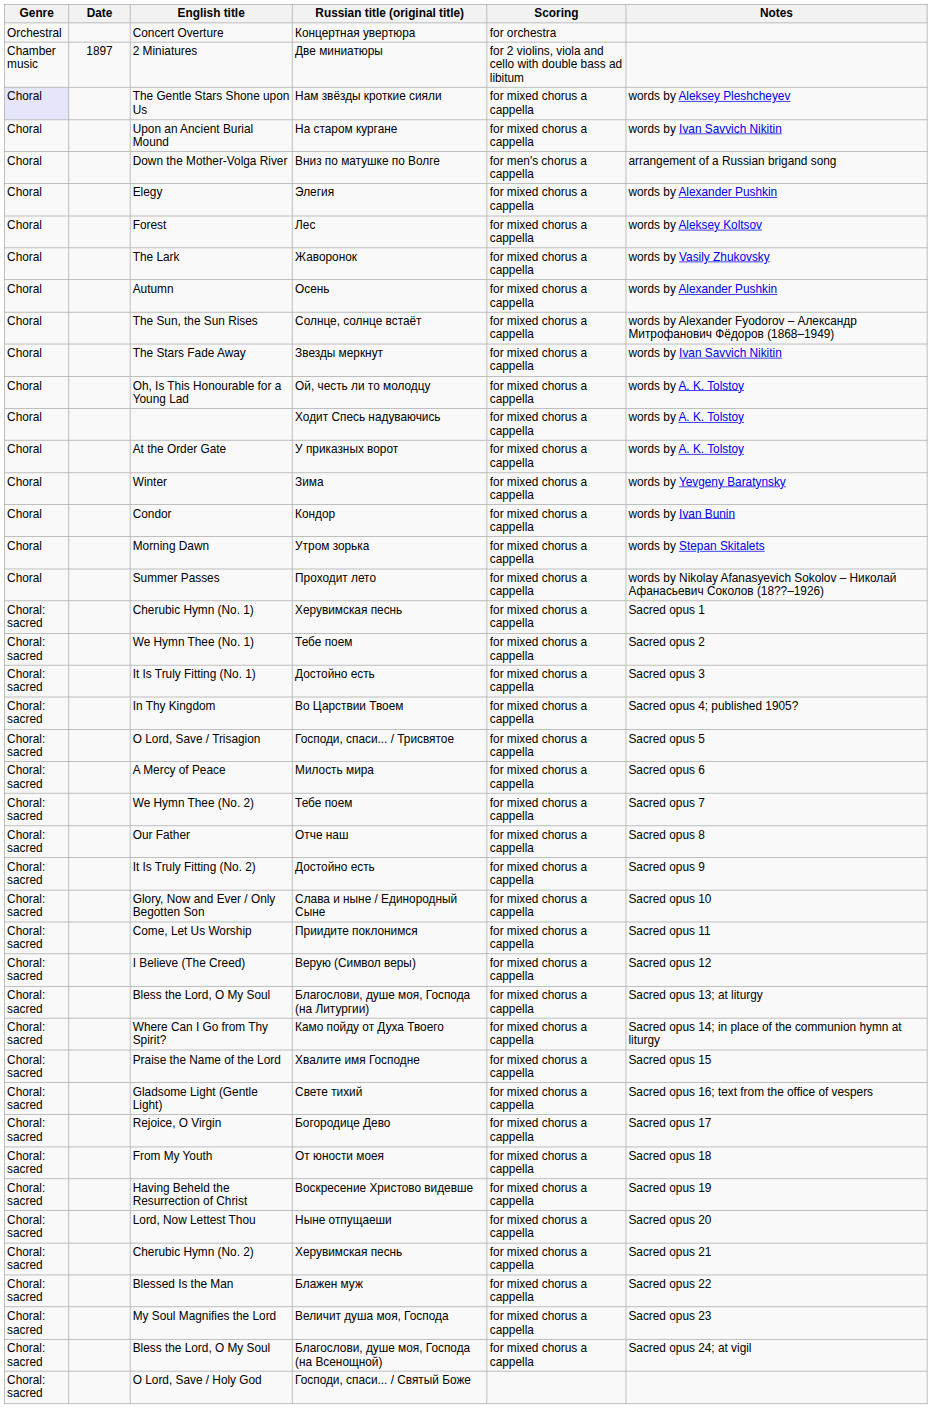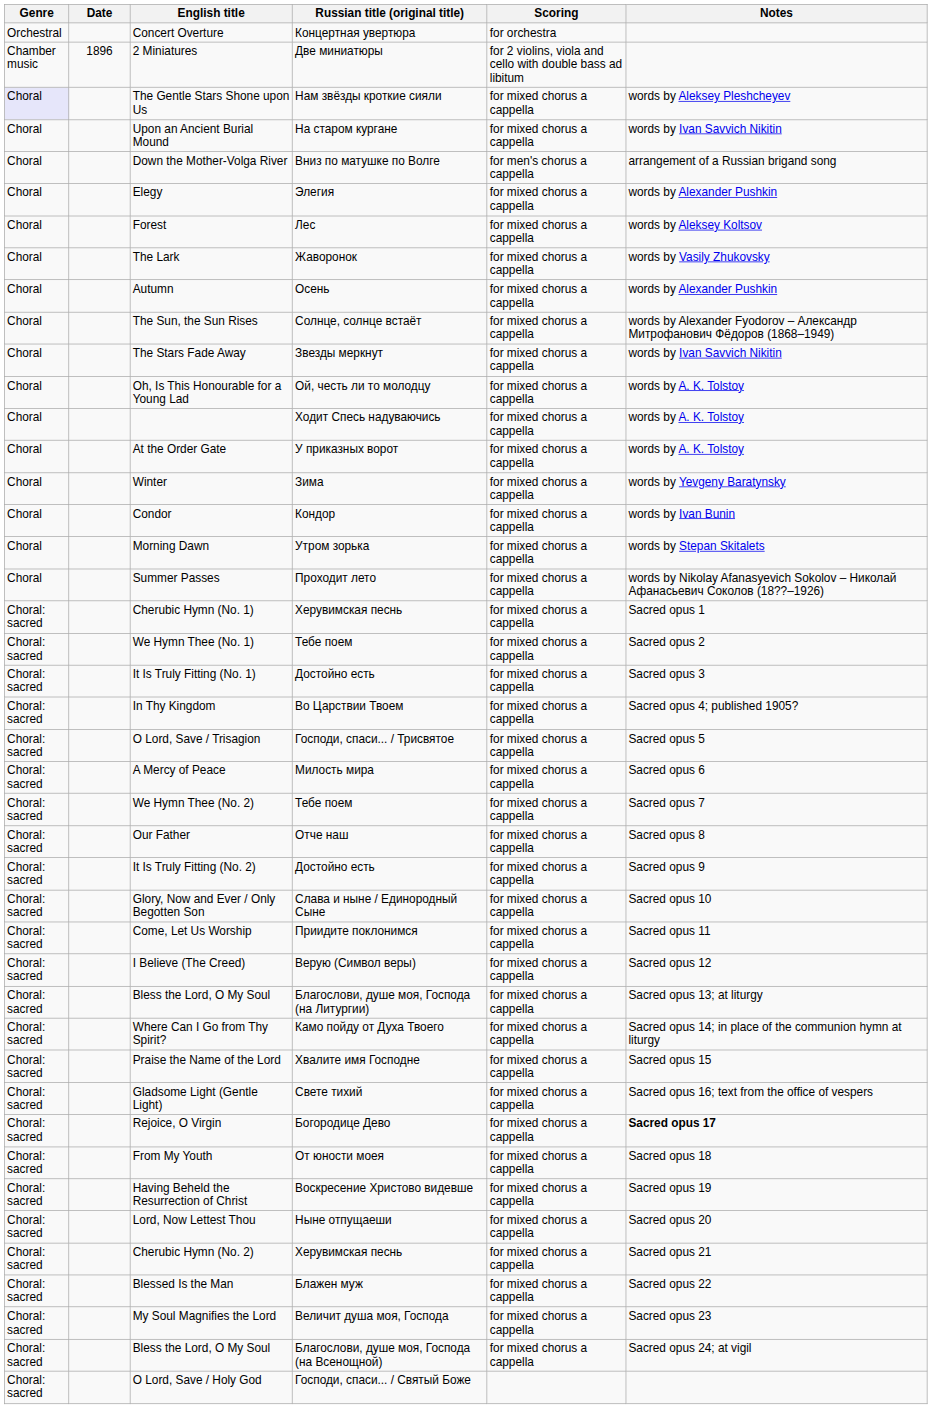 <table class="sortable wikitable" style="margins:auto; width=95%;">
 <tr>
 <th width="80">Genre</th>
 <th width="75">Date</th>
 <th width=>English title</th>
 <th width=>Russian title (original title)</th>
 <th width="180">Scoring</th>
 <th width="400">Notes</th>
 </tr>
 <tr valign="top">
 <td>Orchestral</td>
 <td align=center></td>
 <td>Concert Overture</td>
 <td>Концертная увертюра</td>
 <td>for orchestra</td>
 <td></td>
 </tr>
 <tr valign="top">
 <td>Chamber music</td>
-<td align=center>1897</td>
+<td align=center>1896</td>
 <td>2 Miniatures</td>
 <td>Две миниатюры</td>
 <td>for 2 violins, viola and cello with double bass ad libitum</td>
 <td></td>
 </tr>
 <tr valign="top">
 <td style="background: lavender;">Choral</td>
 <td align=center></td>
 <td>The Gentle Stars Shone upon Us</td>
 <td>Нам звёзды кроткие сияли</td>
 <td>for mixed chorus a cappella</td>
 <td>words by <a href='#'>Aleksey Pleshcheyev</a></td>
 </tr>
 <tr valign="top">
 <td>Choral</td>
 <td align=center></td>
 <td>Upon an Ancient Burial Mound</td>
 <td>На старом кургане</td>
 <td>for mixed chorus a cappella</td>
 <td>words by <a href='#'>Ivan Savvich Nikitin</a></td>
 </tr>
 <tr valign="top">
 <td>Choral</td>
 <td align=center></td>
 <td>Down the Mother-Volga River</td>
 <td>Вниз по матушке по Волге</td>
 <td>for men's chorus a cappella</td>
 <td>arrangement of a Russian brigand song</td>
 </tr>
 <tr valign="top">
 <td>Choral</td>
 <td align=center></td>
 <td>Elegy</td>
 <td>Элегия</td>
 <td>for mixed chorus a cappella</td>
 <td>words by <a href='#'>Alexander Pushkin</a></td>
 </tr>
 <tr valign="top">
 <td>Choral</td>
 <td align=center></td>
 <td>Forest</td>
 <td>Лес</td>
 <td>for mixed chorus a cappella</td>
 <td>words by <a href='#'>Aleksey Koltsov</a></td>
 </tr>
 <tr valign="top">
 <td>Choral</td>
 <td align=center></td>
 <td>The Lark</td>
 <td>Жаворонок</td>
 <td>for mixed chorus a cappella</td>
 <td>words by <a href='#'>Vasily Zhukovsky</a></td>
 </tr>
 <tr valign="top">
 <td>Choral</td>
 <td align=center></td>
 <td>Autumn</td>
 <td>Осень</td>
 <td>for mixed chorus a cappella</td>
 <td>words by <a href='#'>Alexander Pushkin</a></td>
 </tr>
 <tr valign="top">
 <td>Choral</td>
 <td align=center></td>
 <td>The Sun, the Sun Rises</td>
 <td>Солнце, солнце встаёт</td>
 <td>for mixed chorus a cappella</td>
 <td>words by Alexander Fyodorov – Александр Митрофанович Фёдоров (1868–1949)</td>
 </tr>
 <tr valign="top">
 <td>Choral</td>
 <td align=center></td>
 <td>The Stars Fade Away</td>
 <td>Звезды меркнут</td>
 <td>for mixed chorus a cappella</td>
 <td>words by <a href='#'>Ivan Savvich Nikitin</a></td>
 </tr>
 <tr valign="top">
 <td>Choral</td>
 <td align=center></td>
 <td>Oh, Is This Honourable for a Young Lad</td>
 <td>Ой, честь ли то молодцу</td>
 <td>for mixed chorus a cappella</td>
 <td>words by <a href='#'>A. K. Tolstoy</a></td>
 </tr>
 <tr valign="top">
 <td>Choral</td>
 <td align=center></td>
 <td></td>
 <td>Ходит Спесь надуваючись</td>
 <td>for mixed chorus a cappella</td>
 <td>words by <a href='#'>A. K. Tolstoy</a></td>
 </tr>
 <tr valign="top">
 <td>Choral</td>
 <td align=center></td>
 <td>At the Order Gate</td>
 <td>У приказных ворот</td>
 <td>for mixed chorus a cappella</td>
 <td>words by <a href='#'>A. K. Tolstoy</a></td>
 </tr>
 <tr valign="top">
 <td>Choral</td>
 <td align=center></td>
 <td>Winter</td>
 <td>Зима</td>
 <td>for mixed chorus a cappella</td>
 <td>words by <a href='#'>Yevgeny Baratynsky</a></td>
 </tr>
 <tr valign="top">
 <td>Choral</td>
 <td align=center></td>
 <td>Condor</td>
 <td>Кондор</td>
 <td>for mixed chorus a cappella</td>
 <td>words by <a href='#'>Ivan Bunin</a></td>
 </tr>
 <tr valign="top">
 <td>Choral</td>
 <td align=center></td>
 <td>Morning Dawn</td>
 <td>Утром зорька</td>
 <td>for mixed chorus a cappella</td>
 <td>words by <a href='#'>Stepan Skitalets</a></td>
 </tr>
 <tr valign="top">
 <td>Choral</td>
 <td align=center></td>
 <td>Summer Passes</td>
 <td>Проходит лето</td>
 <td>for mixed chorus a cappella</td>
 <td>words by Nikolay Afanasyevich Sokolov – Николай Афанасьевич Соколов (18??–1926)</td>
 </tr>
 <tr valign="top">
 <td>Choral: sacred</td>
 <td align=center></td>
 <td>Cherubic Hymn (No. 1)</td>
 <td>Херувимская песнь</td>
 <td>for mixed chorus a cappella</td>
 <td>Sacred opus 1</td>
 </tr>
 <tr valign="top">
 <td>Choral: sacred</td>
 <td align=center></td>
 <td>We Hymn Thee (No. 1)</td>
 <td>Тебе поем</td>
 <td>for mixed chorus a cappella</td>
 <td>Sacred opus 2</td>
 </tr>
 <tr valign="top">
 <td>Choral: sacred</td>
 <td align=center></td>
 <td>It Is Truly Fitting (No. 1)</td>
 <td>Достойно есть</td>
 <td>for mixed chorus a cappella</td>
 <td>Sacred opus 3</td>
 </tr>
 <tr valign="top">
 <td>Choral: sacred</td>
 <td align=center></td>
 <td>In Thy Kingdom</td>
 <td>Во Царствии Твоем</td>
 <td>for mixed chorus a cappella</td>
 <td>Sacred opus 4; published 1905?</td>
 </tr>
 <tr valign="top">
 <td>Choral: sacred</td>
 <td align=center></td>
 <td>O Lord, Save / Trisagion</td>
 <td>Господи, спаси... / Трисвятое</td>
 <td>for mixed chorus a cappella</td>
 <td>Sacred opus 5</td>
 </tr>
 <tr valign="top">
 <td>Choral: sacred</td>
 <td align=center></td>
 <td>A Mercy of Peace</td>
 <td>Милость мира</td>
 <td>for mixed chorus a cappella</td>
 <td>Sacred opus 6</td>
 </tr>
 <tr valign="top">
 <td>Choral: sacred</td>
 <td align=center></td>
 <td>We Hymn Thee (No. 2)</td>
 <td>Тебе поем</td>
 <td>for mixed chorus a cappella</td>
 <td>Sacred opus 7</td>
 </tr>
 <tr valign="top">
 <td>Choral: sacred</td>
 <td align=center></td>
 <td>Our Father</td>
 <td>Отче наш</td>
 <td>for mixed chorus a cappella</td>
 <td>Sacred opus 8</td>
 </tr>
 <tr valign="top">
 <td>Choral: sacred</td>
 <td align=center></td>
 <td>It Is Truly Fitting (No. 2)</td>
 <td>Достойно есть</td>
 <td>for mixed chorus a cappella</td>
 <td>Sacred opus 9</td>
 </tr>
 <tr valign="top">
 <td>Choral: sacred</td>
 <td align=center></td>
 <td>Glory, Now and Ever / Only Begotten Son</td>
 <td>Слава и ныне / Единородный Сыне</td>
 <td>for mixed chorus a cappella</td>
 <td>Sacred opus 10</td>
 </tr>
 <tr valign="top">
 <td>Choral: sacred</td>
 <td align=center></td>
 <td>Come, Let Us Worship</td>
 <td>Приидите поклонимся</td>
 <td>for mixed chorus a cappella</td>
 <td>Sacred opus 11</td>
 </tr>
 <tr valign="top">
 <td>Choral: sacred</td>
 <td align=center></td>
 <td>I Believe (The Creed)</td>
 <td>Верую (Символ веры)</td>
 <td>for mixed chorus a cappella</td>
 <td>Sacred opus 12</td>
 </tr>
 <tr valign="top">
 <td>Choral: sacred</td>
 <td align=center></td>
 <td>Bless the Lord, O My Soul</td>
 <td>Благослови, душе моя, Господа (на Литургии)</td>
 <td>for mixed chorus a cappella</td>
 <td>Sacred opus 13; at liturgy</td>
 </tr>
 <tr valign="top">
 <td>Choral: sacred</td>
 <td align=center></td>
 <td>Where Can I Go from Thy Spirit?</td>
 <td>Камо пойду от Духа Твоего</td>
 <td>for mixed chorus a cappella</td>
 <td>Sacred opus 14; in place of the communion hymn at liturgy</td>
 </tr>
 <tr valign="top">
 <td>Choral: sacred</td>
 <td align=center></td>
 <td>Praise the Name of the Lord</td>
 <td>Хвалите имя Господне</td>
 <td>for mixed chorus a cappella</td>
 <td>Sacred opus 15</td>
 </tr>
 <tr valign="top">
 <td>Choral: sacred</td>
 <td align=center></td>
 <td>Gladsome Light (Gentle Light)</td>
 <td>Свете тихий</td>
 <td>for mixed chorus a cappella</td>
 <td>Sacred opus 16; text from the office of vespers</td>
 </tr>
 <tr valign="top">
 <td>Choral: sacred</td>
 <td align=center></td>
 <td>Rejoice, O Virgin</td>
 <td>Богородице Дево</td>
 <td>for mixed chorus a cappella</td>
-<td>Sacred opus 17</td>
+<td><strong>Sacred opus 17</strong></td>
 </tr>
 <tr valign="top">
 <td>Choral: sacred</td>
 <td align=center></td>
 <td>From My Youth</td>
 <td>От юности моея</td>
 <td>for mixed chorus a cappella</td>
 <td>Sacred opus 18</td>
 </tr>
 <tr valign="top">
 <td>Choral: sacred</td>
 <td align=center></td>
 <td>Having Beheld the Resurrection of Christ</td>
 <td>Воскресение Христово видевше</td>
 <td>for mixed chorus a cappella</td>
 <td>Sacred opus 19</td>
 </tr>
 <tr valign="top">
 <td>Choral: sacred</td>
 <td align=center></td>
 <td>Lord, Now Lettest Thou</td>
 <td>Ныне отпущаеши</td>
 <td>for mixed chorus a cappella</td>
 <td>Sacred opus 20</td>
 </tr>
 <tr valign="top">
 <td>Choral: sacred</td>
 <td align=center></td>
 <td>Cherubic Hymn (No. 2)</td>
 <td>Херувимская песнь</td>
 <td>for mixed chorus a cappella</td>
 <td>Sacred opus 21</td>
 </tr>
 <tr valign="top">
 <td>Choral: sacred</td>
 <td align=center></td>
 <td>Blessed Is the Man</td>
 <td>Блажен муж</td>
 <td>for mixed chorus a cappella</td>
 <td>Sacred opus 22</td>
 </tr>
 <tr valign="top">
 <td>Choral: sacred</td>
 <td align=center></td>
 <td>My Soul Magnifies the Lord</td>
 <td>Величит душа моя, Господа</td>
 <td>for mixed chorus a cappella</td>
 <td>Sacred opus 23</td>
 </tr>
 <tr valign="top">
 <td>Choral: sacred</td>
 <td align=center></td>
 <td>Bless the Lord, O My Soul</td>
 <td>Благослови, душе моя, Господа (на Всенощной)</td>
 <td>for mixed chorus a cappella</td>
 <td>Sacred opus 24; at vigil</td>
 </tr>
 <tr valign="top">
 <td>Choral: sacred</td>
 <td align=center></td>
 <td>O Lord, Save / Holy God</td>
 <td>Господи, спаси... / Святый Боже</td>
 <td></td>
 <td></td>
 </tr>
 </table>
